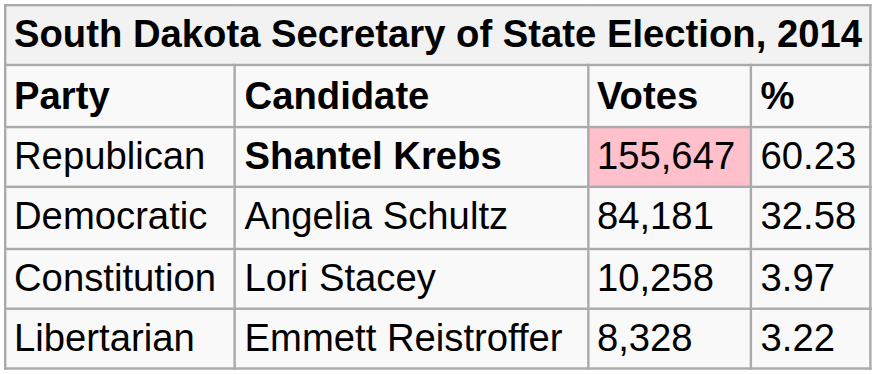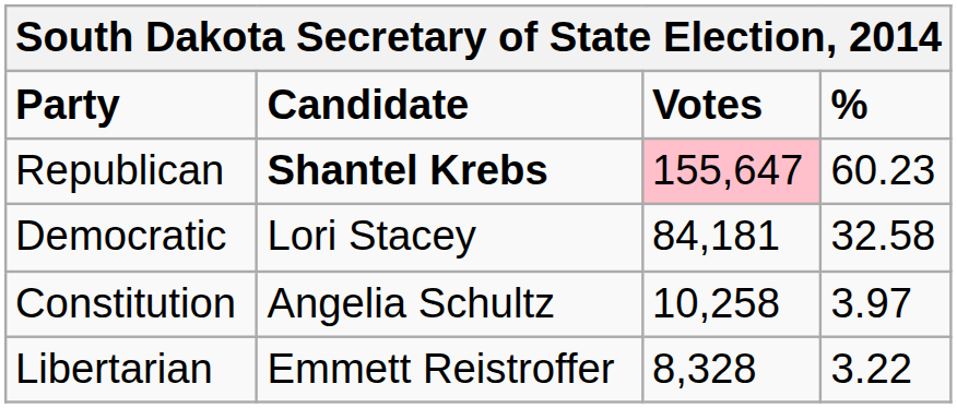 <table class="wikitable">
 <tr>
 <th colspan="4">South Dakota Secretary of State Election, 2014</th>
 </tr>
 <tr>
 <td><strong>Party</strong></td>
 <td><strong>Candidate</strong></td>
 <td><strong>Votes</strong></td>
 <td><strong>%</strong></td>
 </tr>
 <tr>
 <td>Republican</td>
 <td><strong>Shantel Krebs</strong></td>
 <td style="background: pink;">155,647</td>
 <td>60.23</td>
 </tr>
 <tr>
 <td>Democratic</td>
-<td>Angelia Schultz</td>
+<td>Lori Stacey</td>
 <td>84,181</td>
 <td>32.58</td>
 </tr>
 <tr>
 <td>Constitution</td>
-<td>Lori Stacey</td>
+<td>Angelia Schultz</td>
 <td>10,258</td>
 <td>3.97</td>
 </tr>
 <tr>
 <td>Libertarian</td>
 <td>Emmett Reistroffer</td>
 <td>8,328</td>
 <td>3.22</td>
 </tr>
 </table>
